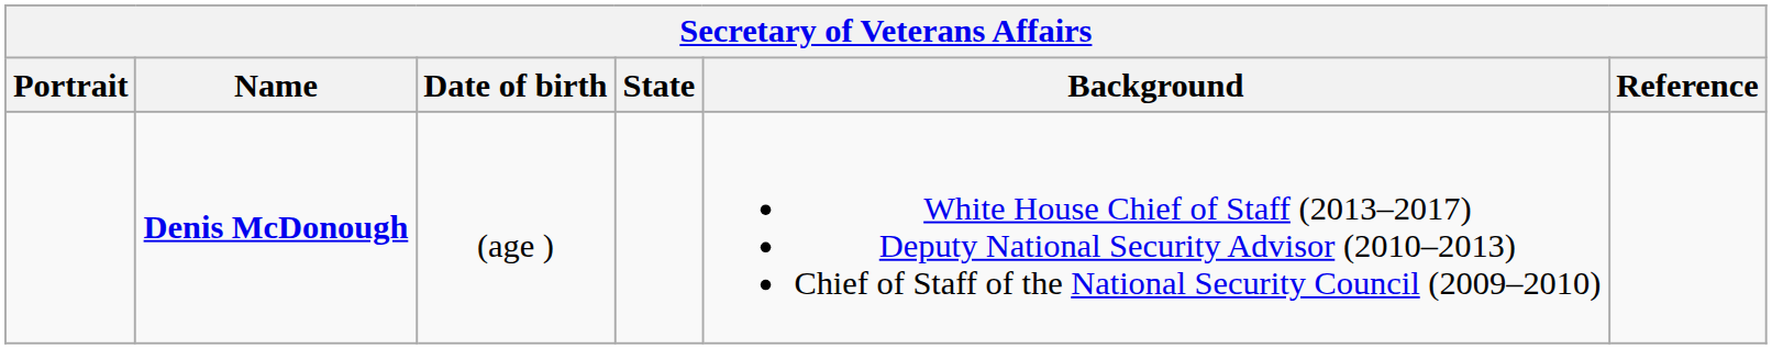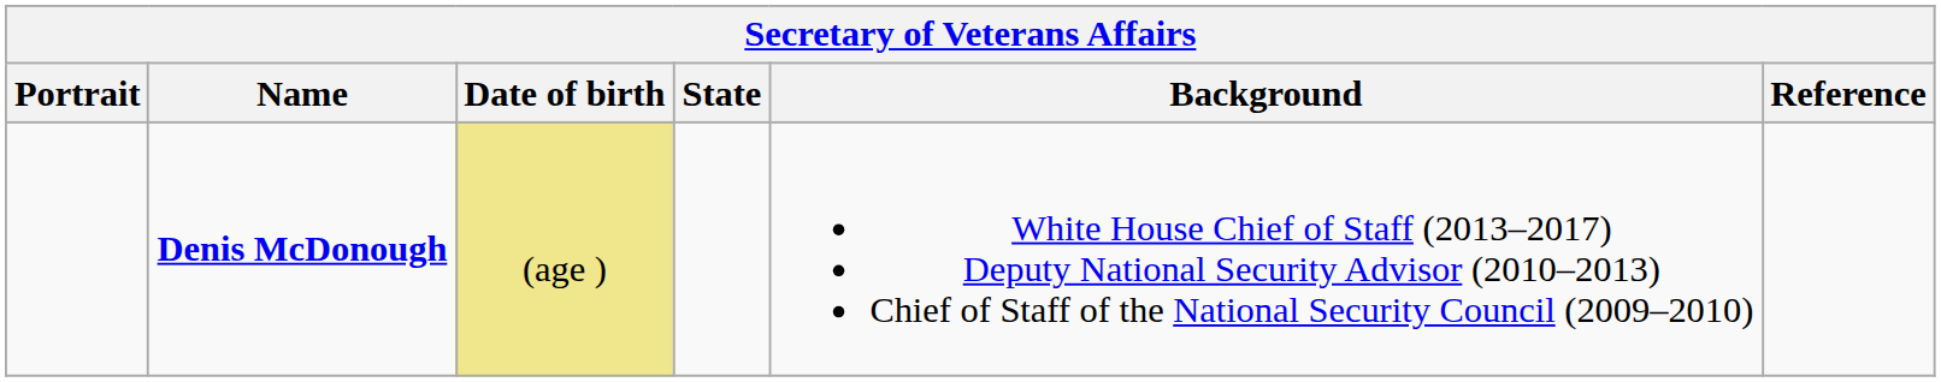 <table class="wikitable collapsible" style="text-align:center;">
 <tr>
 <th colspan="6"><a href='#'>Secretary of Veterans Affairs</a></th>
 </tr>
 <tr>
 <th>Portrait</th>
 <th>Name</th>
 <th>Date of birth</th>
 <th>State</th>
 <th>Background</th>
 <th>Reference</th>
 </tr>
 <tr>
 <td></td>
 <td><strong><a href='#'>Denis McDonough</a></strong></td>
-<td><br>(age )</td>
+<td style="background: khaki;"><br>(age )</td>
 <td></td>
 <td><br><ul><li><a href='#'>White House Chief of Staff</a> (2013–2017)</li><li><a href='#'>Deputy National Security Advisor</a> (2010–2013)</li><li>Chief of Staff of the <a href='#'>National Security Council</a> (2009–2010)</li></ul></td>
 <td></td>
 </tr>
 </table>
